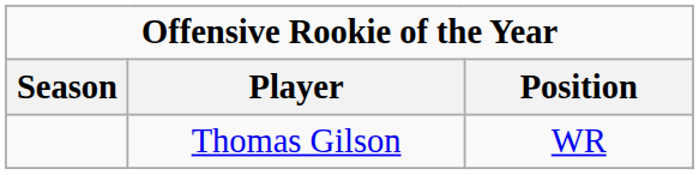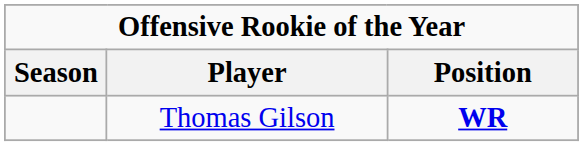 <table class="wikitable sortable" style="text-align:center">
 <tr>
 <td colspan="4"><strong>Offensive Rookie of the Year</strong></td>
 </tr>
 <tr>
 <th style="width:50px; ">Season</th>
 <th style="width:150px; ">Player</th>
 <th style="width:100px; ">Position</th>
 </tr>
 <tr>
 <td></td>
 <td><a href='#'>Thomas Gilson</a></td>
-<td><a href='#'>WR</a></td>
+<td><strong><a href='#'>WR</a></strong></td>
 </tr>
 </table>
